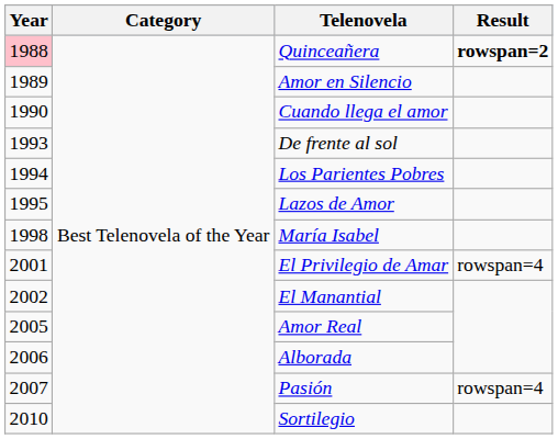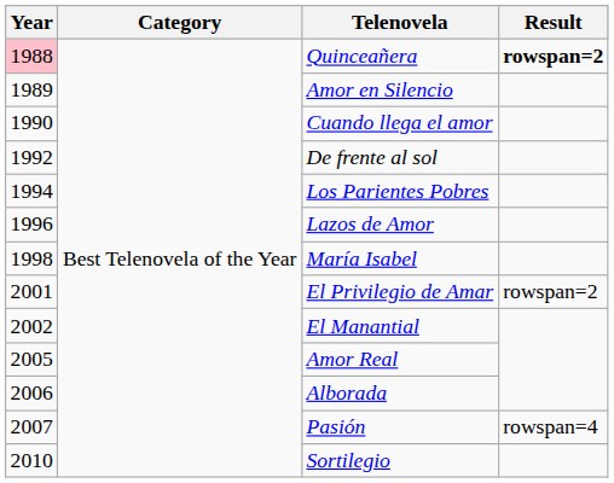 <table class="wikitable">
 <tr style="background:#b0c4de;">
 <th>Year</th>
 <th>Category</th>
 <th>Telenovela</th>
 <th>Result</th>
 </tr>
 <tr>
 <td style="background: pink;">1988</td>
 <td rowspan=13>Best Telenovela of the Year</td>
 <td><em><a href='#'>Quinceañera</a></em></td>
 <td><strong>rowspan=2 </strong></td>
 </tr>
 <tr>
 <td>1989</td>
 <td><em><a href='#'>Amor en Silencio</a></em></td>
 </tr>
 <tr>
 <td>1990</td>
 <td><em><a href='#'>Cuando llega el amor</a></em></td>
 <td></td>
 </tr>
 <tr>
-<td>1993</td>
+<td>1992</td>
 <td><em>De frente al sol</em></td>
 <td></td>
 </tr>
 <tr>
 <td>1994</td>
 <td><em><a href='#'>Los Parientes Pobres</a></em></td>
 <td></td>
 </tr>
 <tr>
-<td>1995</td>
+<td>1996</td>
 <td><em><a href='#'>Lazos de Amor</a></em></td>
 <td></td>
 </tr>
 <tr>
 <td>1998</td>
 <td><em><a href='#'>María Isabel</a></em></td>
 <td></td>
 </tr>
 <tr>
 <td>2001</td>
 <td><em><a href='#'>El Privilegio de Amar</a></em></td>
-<td>rowspan=4 </td>
+<td>rowspan=2  </td>
 </tr>
 <tr>
 <td>2002</td>
 <td><em><a href='#'>El Manantial</a></em></td>
 </tr>
 <tr>
 <td>2005</td>
 <td><em><a href='#'>Amor Real</a></em></td>
 </tr>
 <tr>
 <td>2006</td>
 <td><em><a href='#'>Alborada</a></em></td>
 </tr>
 <tr>
 <td>2007</td>
 <td><em><a href='#'>Pasión</a></em></td>
 <td>rowspan=4 </td>
 </tr>
 <tr>
 <td>2010</td>
 <td><em><a href='#'>Sortilegio</a></em></td>
 </tr>
 </table>
